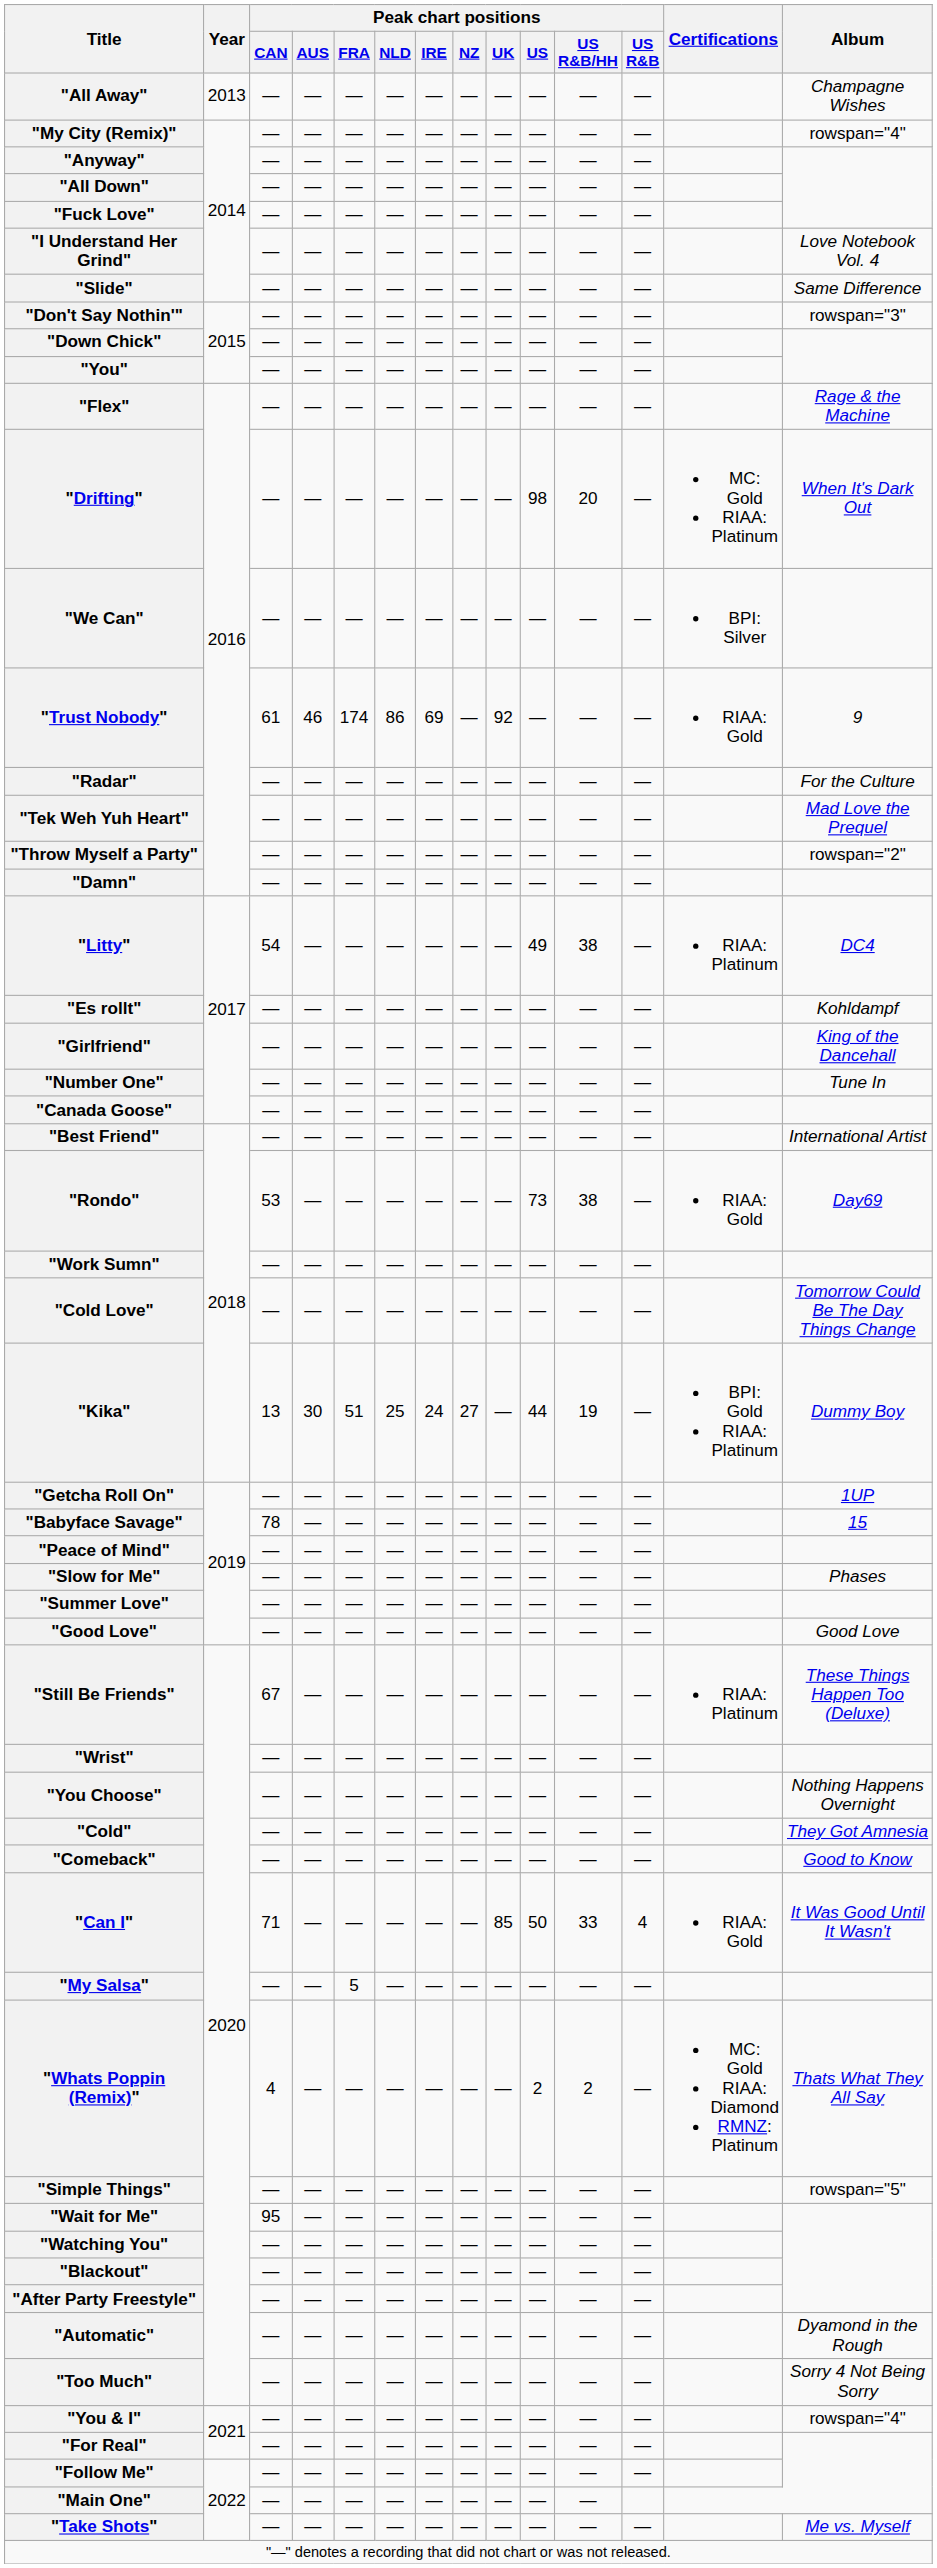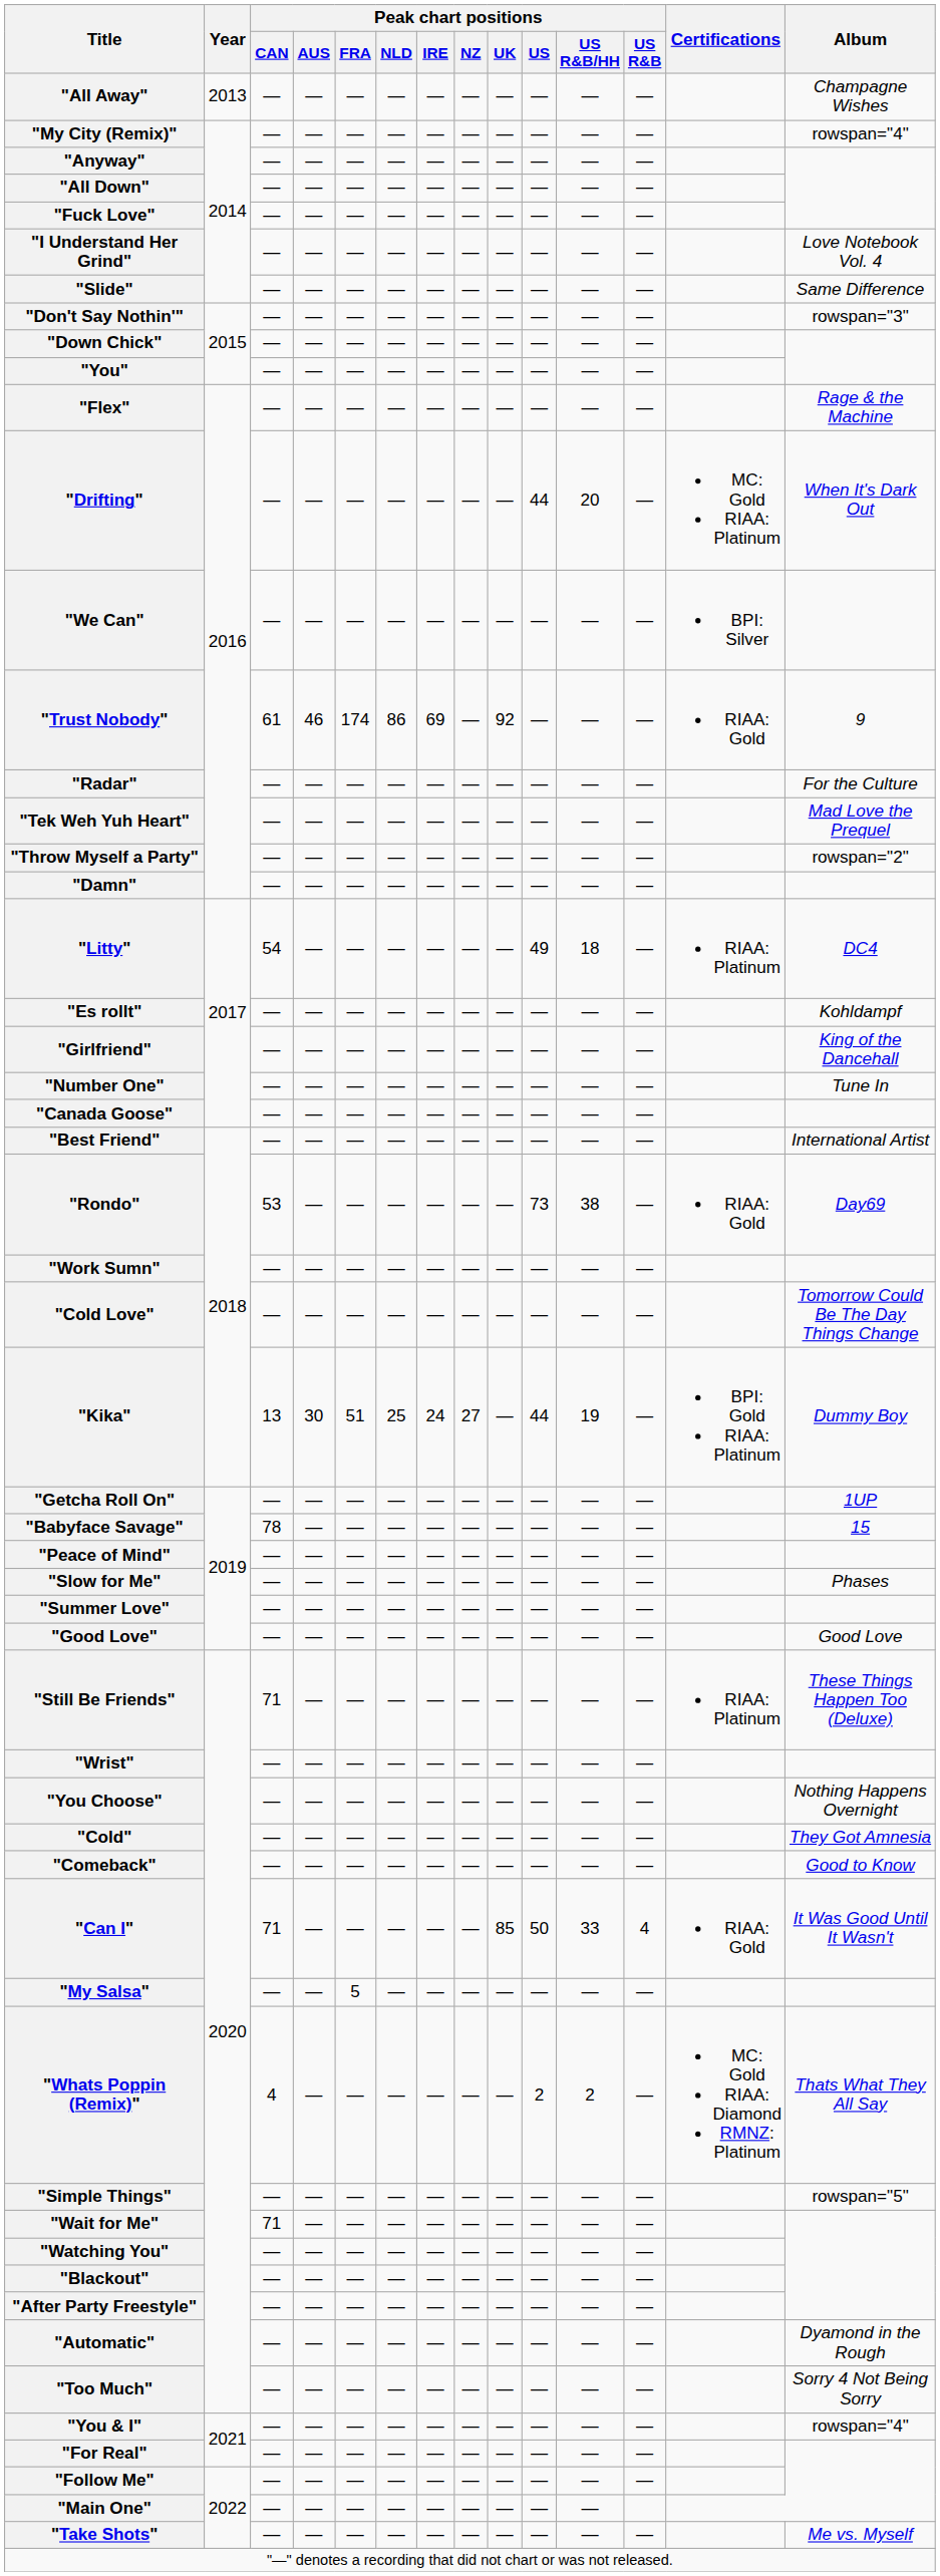 <table class="wikitable plainrowheaders" style="text-align:center;">
 <tr>
 <th scope="col" rowspan="2" style="width:22.5em;">Title</th>
 <th scope="col" rowspan="2">Year</th>
 <th scope="col" colspan="10">Peak chart positions</th>
 <th scope="col" rowspan="2"><a href='#'>Certifications</a></th>
 <th scope="col" rowspan="2" style="width:14em;">Album</th>
 </tr>
 <tr>
 <th scope="col" style="width:2.5em;font-size:90%;"><a href='#'>CAN</a><br></th>
 <th scope="col" style="width:2.5em;font-size:90%;"><a href='#'>AUS</a><br></th>
 <th scope="col" style="width:2.5em;font-size:90%;"><a href='#'>FRA</a><br></th>
 <th scope="col" style="width:2.5em;font-size:90%;"><a href='#'>NLD</a><br></th>
 <th scope="col" style="width:2.5em;font-size:90%;"><a href='#'>IRE</a><br></th>
 <th scope="col" style="width:2.5em;font-size:90%;"><a href='#'>NZ</a><br></th>
 <th scope="col" style="width:2.5em;font-size:90%;"><a href='#'>UK</a><br></th>
 <th scope="col" style="width:2.5em;font-size:90%;"><a href='#'>US</a><br></th>
 <th scope="col" style="width:2.5em;font-size:90%;"><a href='#'>US<br>R&B/HH</a><br></th>
 <th scope="col" style="width:2.5em;font-size:90%;"><a href='#'>US R&B</a><br></th>
 </tr>
 <tr>
 <th scope="row">"All Away"<br></th>
 <td>2013</td>
 <td>—</td>
 <td>—</td>
 <td>—</td>
 <td>—</td>
 <td>—</td>
 <td>—</td>
 <td>—</td>
 <td>—</td>
 <td>—</td>
 <td>—</td>
 <td></td>
 <td><em>Champagne Wishes</em></td>
 </tr>
 <tr>
 <th scope="row">"My City (Remix)"<br></th>
 <td rowspan="6">2014</td>
 <td>—</td>
 <td>—</td>
 <td>—</td>
 <td>—</td>
 <td>—</td>
 <td>—</td>
 <td>—</td>
 <td>—</td>
 <td>—</td>
 <td>—</td>
 <td></td>
 <td>rowspan="4" </td>
 </tr>
 <tr>
 <th scope="row">"Anyway"<br></th>
 <td>—</td>
 <td>—</td>
 <td>—</td>
 <td>—</td>
 <td>—</td>
 <td>—</td>
 <td>—</td>
 <td>—</td>
 <td>—</td>
 <td>—</td>
 <td></td>
 </tr>
 <tr>
 <th scope="row">"All Down"<br></th>
 <td>—</td>
 <td>—</td>
 <td>—</td>
 <td>—</td>
 <td>—</td>
 <td>—</td>
 <td>—</td>
 <td>—</td>
 <td>—</td>
 <td>—</td>
 <td></td>
 </tr>
 <tr>
 <th scope="row">"Fuck Love"<br></th>
 <td>—</td>
 <td>—</td>
 <td>—</td>
 <td>—</td>
 <td>—</td>
 <td>—</td>
 <td>—</td>
 <td>—</td>
 <td>—</td>
 <td>—</td>
 <td></td>
 </tr>
 <tr>
 <th scope="row">"I Understand Her Grind"<br></th>
 <td>—</td>
 <td>—</td>
 <td>—</td>
 <td>—</td>
 <td>—</td>
 <td>—</td>
 <td>—</td>
 <td>—</td>
 <td>—</td>
 <td>—</td>
 <td></td>
 <td><em>Love Notebook Vol. 4</em></td>
 </tr>
 <tr>
 <th scope="row">"Slide"<br></th>
 <td>—</td>
 <td>—</td>
 <td>—</td>
 <td>—</td>
 <td>—</td>
 <td>—</td>
 <td>—</td>
 <td>—</td>
 <td>—</td>
 <td>—</td>
 <td></td>
 <td><em>Same Difference</em></td>
 </tr>
 <tr>
 <th scope="row">"Don't Say Nothin'"<br></th>
 <td rowspan="3">2015</td>
 <td>—</td>
 <td>—</td>
 <td>—</td>
 <td>—</td>
 <td>—</td>
 <td>—</td>
 <td>—</td>
 <td>—</td>
 <td>—</td>
 <td>—</td>
 <td></td>
 <td>rowspan="3" </td>
 </tr>
 <tr>
 <th scope="row">"Down Chick"<br></th>
 <td>—</td>
 <td>—</td>
 <td>—</td>
 <td>—</td>
 <td>—</td>
 <td>—</td>
 <td>—</td>
 <td>—</td>
 <td>—</td>
 <td>—</td>
 <td></td>
 </tr>
 <tr>
 <th scope="row">"You"<br></th>
 <td>—</td>
 <td>—</td>
 <td>—</td>
 <td>—</td>
 <td>—</td>
 <td>—</td>
 <td>—</td>
 <td>—</td>
 <td>—</td>
 <td>—</td>
 <td></td>
 </tr>
 <tr>
 <th scope="row">"Flex"<br></th>
 <td rowspan="8">2016</td>
 <td>—</td>
 <td>—</td>
 <td>—</td>
 <td>—</td>
 <td>—</td>
 <td>—</td>
 <td>—</td>
 <td>—</td>
 <td>—</td>
 <td>—</td>
 <td></td>
 <td><em><a href='#'>Rage & the Machine</a></em></td>
 </tr>
 <tr>
 <th scope="row">"<a href='#'>Drifting</a>"<br></th>
 <td>—</td>
 <td>—</td>
 <td>—</td>
 <td>—</td>
 <td>—</td>
 <td>—</td>
 <td>—</td>
-<td>98</td>
+<td>44</td>
 <td>20</td>
 <td>—</td>
 <td><br><ul><li>MC: Gold</li><li>RIAA: Platinum</li></ul></td>
 <td><em><a href='#'>When It's Dark Out</a></em></td>
 </tr>
 <tr>
 <th scope="row">"We Can"<br></th>
 <td>—</td>
 <td>—</td>
 <td>—</td>
 <td>—</td>
 <td>—</td>
 <td>—</td>
 <td>—</td>
 <td>—</td>
 <td>—</td>
 <td>—</td>
 <td><br><ul><li>BPI: Silver</li></ul></td>
 <td></td>
 </tr>
 <tr>
 <th scope="row">"<a href='#'>Trust Nobody</a>"<br></th>
 <td>61</td>
 <td>46</td>
 <td>174</td>
 <td>86</td>
 <td>69</td>
 <td>—</td>
 <td>92</td>
 <td>—</td>
 <td>—</td>
 <td>—</td>
 <td><br><ul><li>RIAA: Gold</li></ul></td>
 <td><em>9</em></td>
 </tr>
 <tr>
 <th scope="row">"Radar"<br></th>
 <td>—</td>
 <td>—</td>
 <td>—</td>
 <td>—</td>
 <td>—</td>
 <td>—</td>
 <td>—</td>
 <td>—</td>
 <td>—</td>
 <td>—</td>
 <td></td>
 <td><em>For the Culture</em></td>
 </tr>
 <tr>
 <th scope="row">"Tek Weh Yuh Heart"<br></th>
 <td>—</td>
 <td>—</td>
 <td>—</td>
 <td>—</td>
 <td>—</td>
 <td>—</td>
 <td>—</td>
 <td>—</td>
 <td>—</td>
 <td>—</td>
 <td></td>
 <td><em><a href='#'>Mad Love the Prequel</a></em></td>
 </tr>
 <tr>
 <th scope="row">"Throw Myself a Party"<br></th>
 <td>—</td>
 <td>—</td>
 <td>—</td>
 <td>—</td>
 <td>—</td>
 <td>—</td>
 <td>—</td>
 <td>—</td>
 <td>—</td>
 <td>—</td>
 <td></td>
 <td>rowspan="2" </td>
 </tr>
 <tr>
 <th scope="row">"Damn"<br></th>
 <td>—</td>
 <td>—</td>
 <td>—</td>
 <td>—</td>
 <td>—</td>
 <td>—</td>
 <td>—</td>
 <td>—</td>
 <td>—</td>
 <td>—</td>
 <td></td>
 </tr>
 <tr>
 <th scope="row">"<a href='#'>Litty</a>"<br></th>
 <td rowspan="5">2017</td>
 <td>54</td>
 <td>—</td>
 <td>—</td>
 <td>—</td>
 <td>—</td>
 <td>—</td>
 <td>—</td>
 <td>49</td>
-<td>38</td>
+<td>18</td>
 <td>—</td>
 <td><br><ul><li>RIAA: Platinum</li></ul></td>
 <td><em><a href='#'>DC4</a></em></td>
 </tr>
 <tr>
 <th scope="row">"Es rollt"<br></th>
 <td>—</td>
 <td>—</td>
 <td>—</td>
 <td>—</td>
 <td>—</td>
 <td>—</td>
 <td>—</td>
 <td>—</td>
 <td>—</td>
 <td>—</td>
 <td></td>
 <td><em>Kohldampf</em></td>
 </tr>
 <tr>
 <th scope="row">"Girlfriend"<br></th>
 <td>—</td>
 <td>—</td>
 <td>—</td>
 <td>—</td>
 <td>—</td>
 <td>—</td>
 <td>—</td>
 <td>—</td>
 <td>—</td>
 <td>—</td>
 <td></td>
 <td><em><a href='#'>King of the Dancehall</a></em></td>
 </tr>
 <tr>
 <th scope="row">"Number One"<br></th>
 <td>—</td>
 <td>—</td>
 <td>—</td>
 <td>—</td>
 <td>—</td>
 <td>—</td>
 <td>—</td>
 <td>—</td>
 <td>—</td>
 <td>—</td>
 <td></td>
 <td><em>Tune In</em></td>
 </tr>
 <tr>
 <th scope="row">"Canada Goose"<br></th>
 <td>—</td>
 <td>—</td>
 <td>—</td>
 <td>—</td>
 <td>—</td>
 <td>—</td>
 <td>—</td>
 <td>—</td>
 <td>—</td>
 <td>—</td>
 <td></td>
 <td></td>
 </tr>
 <tr>
 <th scope="row">"Best Friend"<br></th>
 <td rowspan="5">2018</td>
 <td>—</td>
 <td>—</td>
 <td>—</td>
 <td>—</td>
 <td>—</td>
 <td>—</td>
 <td>—</td>
 <td>—</td>
 <td>—</td>
 <td>—</td>
 <td></td>
 <td><em>International Artist</em></td>
 </tr>
 <tr>
 <th scope="row">"Rondo"<br></th>
 <td>53</td>
 <td>—</td>
 <td>—</td>
 <td>—</td>
 <td>—</td>
 <td>—</td>
 <td>—</td>
 <td>73</td>
 <td>38</td>
 <td>—</td>
 <td><br><ul><li>RIAA: Gold</li></ul></td>
 <td><em><a href='#'>Day69</a></em></td>
 </tr>
 <tr>
 <th scope="row">"Work Sumn"<br></th>
 <td>—</td>
 <td>—</td>
 <td>—</td>
 <td>—</td>
 <td>—</td>
 <td>—</td>
 <td>—</td>
 <td>—</td>
 <td>—</td>
 <td>—</td>
 <td></td>
 <td></td>
 </tr>
 <tr>
 <th scope="row">"Cold Love"<br></th>
 <td>—</td>
 <td>—</td>
 <td>—</td>
 <td>—</td>
 <td>—</td>
 <td>—</td>
 <td>—</td>
 <td>—</td>
 <td>—</td>
 <td>—</td>
 <td></td>
 <td><em><a href='#'>Tomorrow Could Be The Day Things Change</a></em></td>
 </tr>
 <tr>
 <th scope="row">"Kika"<br></th>
 <td>13</td>
 <td>30</td>
 <td>51</td>
 <td>25</td>
 <td>24</td>
 <td>27</td>
 <td>—</td>
 <td>44</td>
 <td>19</td>
 <td>—</td>
 <td><br><ul><li>BPI: Gold</li><li>RIAA: Platinum</li></ul></td>
 <td><em><a href='#'>Dummy Boy</a></em></td>
 </tr>
 <tr>
 <th scope="row">"Getcha Roll On"<br></th>
 <td rowspan="6">2019</td>
 <td>—</td>
 <td>—</td>
 <td>—</td>
 <td>—</td>
 <td>—</td>
 <td>—</td>
 <td>—</td>
 <td>—</td>
 <td>—</td>
 <td>—</td>
 <td></td>
 <td><em><a href='#'>1UP</a></em></td>
 </tr>
 <tr>
 <th scope="row">"Babyface Savage"<br></th>
 <td>78</td>
 <td>—</td>
 <td>—</td>
 <td>—</td>
 <td>—</td>
 <td>—</td>
 <td>—</td>
 <td>—</td>
 <td>—</td>
 <td>—</td>
 <td></td>
 <td><em><a href='#'>15</a></em></td>
 </tr>
 <tr>
 <th scope="row">"Peace of Mind"<br></th>
 <td>—</td>
 <td>—</td>
 <td>—</td>
 <td>—</td>
 <td>—</td>
 <td>—</td>
 <td>—</td>
 <td>—</td>
 <td>—</td>
 <td>—</td>
 <td></td>
 <td></td>
 </tr>
 <tr>
 <th scope="row">"Slow for Me"<br></th>
 <td>—</td>
 <td>—</td>
 <td>—</td>
 <td>—</td>
 <td>—</td>
 <td>—</td>
 <td>—</td>
 <td>—</td>
 <td>—</td>
 <td>—</td>
 <td></td>
 <td><em>Phases</em></td>
 </tr>
 <tr>
 <th scope="row">"Summer Love"<br></th>
 <td>—</td>
 <td>—</td>
 <td>—</td>
 <td>—</td>
 <td>—</td>
 <td>—</td>
 <td>—</td>
 <td>—</td>
 <td>—</td>
 <td>—</td>
 <td></td>
 <td></td>
 </tr>
 <tr>
 <th scope="row">"Good Love"<br></th>
 <td>—</td>
 <td>—</td>
 <td>—</td>
 <td>—</td>
 <td>—</td>
 <td>—</td>
 <td>—</td>
 <td>—</td>
 <td>—</td>
 <td>—</td>
 <td></td>
 <td><em>Good Love</em></td>
 </tr>
 <tr>
 <th scope="row">"Still Be Friends"<br></th>
 <td rowspan="15">2020</td>
-<td>67</td>
+<td>71</td>
 <td>—</td>
 <td>—</td>
 <td>—</td>
 <td>—</td>
 <td>—</td>
 <td>—</td>
 <td>—</td>
 <td>—</td>
 <td>—</td>
 <td><br><ul><li>RIAA: Platinum</li></ul></td>
 <td><em><a href='#'>These Things Happen Too (Deluxe)</a></em></td>
 </tr>
 <tr>
 <th scope="row">"Wrist"<br></th>
 <td>—</td>
 <td>—</td>
 <td>—</td>
 <td>—</td>
 <td>—</td>
 <td>—</td>
 <td>—</td>
 <td>—</td>
 <td>—</td>
 <td>—</td>
 <td></td>
 <td></td>
 </tr>
 <tr>
 <th scope="row">"You Choose"<br></th>
 <td>—</td>
 <td>—</td>
 <td>—</td>
 <td>—</td>
 <td>—</td>
 <td>—</td>
 <td>—</td>
 <td>—</td>
 <td>—</td>
 <td>—</td>
 <td></td>
 <td><em>Nothing Happens Overnight</em></td>
 </tr>
 <tr>
 <th scope="row">"Cold"<br></th>
 <td>—</td>
 <td>—</td>
 <td>—</td>
 <td>—</td>
 <td>—</td>
 <td>—</td>
 <td>—</td>
 <td>—</td>
 <td>—</td>
 <td>—</td>
 <td></td>
 <td><em><a href='#'>They Got Amnesia</a></em></td>
 </tr>
 <tr>
 <th scope="row">"Comeback"<br></th>
 <td>—</td>
 <td>—</td>
 <td>—</td>
 <td>—</td>
 <td>—</td>
 <td>—</td>
 <td>—</td>
 <td>—</td>
 <td>—</td>
 <td>—</td>
 <td></td>
 <td><em><a href='#'>Good to Know</a></em></td>
 </tr>
 <tr>
 <th scope="row">"<a href='#'>Can I</a>"<br></th>
 <td>71</td>
 <td>—</td>
 <td>—</td>
 <td>—</td>
 <td>—</td>
 <td>—</td>
 <td>85</td>
 <td>50</td>
 <td>33</td>
 <td>4</td>
 <td><br><ul><li>RIAA: Gold</li></ul></td>
 <td><em><a href='#'>It Was Good Until It Wasn't</a></em></td>
 </tr>
 <tr>
 <th scope="row">"<a href='#'>My Salsa</a>"<br></th>
 <td>—</td>
 <td>—</td>
 <td>5</td>
 <td>—</td>
 <td>—</td>
 <td>—</td>
 <td>—</td>
 <td>—</td>
 <td>—</td>
 <td>—</td>
 <td></td>
 <td></td>
 </tr>
 <tr>
 <th scope="row">"<a href='#'>Whats Poppin (Remix)</a>"<br></th>
 <td>4</td>
 <td>—</td>
 <td>—</td>
 <td>—</td>
 <td>—</td>
 <td>—</td>
 <td>—</td>
 <td>2</td>
 <td>2</td>
 <td>—</td>
 <td><br><ul><li>MC: Gold </li><li>RIAA: Diamond</li><li><a href='#'>RMNZ</a>: Platinum</li></ul></td>
 <td><em><a href='#'>Thats What They All Say</a></em></td>
 </tr>
 <tr>
 <th scope="row">"Simple Things"<br></th>
 <td>—</td>
 <td>—</td>
 <td>—</td>
 <td>—</td>
 <td>—</td>
 <td>—</td>
 <td>—</td>
 <td>—</td>
 <td>—</td>
 <td>—</td>
 <td></td>
 <td>rowspan="5" </td>
 </tr>
 <tr>
 <th scope="row">"Wait for Me"<br></th>
-<td>95</td>
+<td>71</td>
 <td>—</td>
 <td>—</td>
 <td>—</td>
 <td>—</td>
 <td>—</td>
 <td>—</td>
 <td>—</td>
 <td>—</td>
 <td>—</td>
 <td></td>
 </tr>
 <tr>
 <th scope="row">"Watching You"<br></th>
 <td>—</td>
 <td>—</td>
 <td>—</td>
 <td>—</td>
 <td>—</td>
 <td>—</td>
 <td>—</td>
 <td>—</td>
 <td>—</td>
 <td>—</td>
 <td></td>
 </tr>
 <tr>
 <th scope="row">"Blackout"<br></th>
 <td>—</td>
 <td>—</td>
 <td>—</td>
 <td>—</td>
 <td>—</td>
 <td>—</td>
 <td>—</td>
 <td>—</td>
 <td>—</td>
 <td>—</td>
 <td></td>
 </tr>
 <tr>
 <th scope="row">"After Party Freestyle"<br></th>
 <td>—</td>
 <td>—</td>
 <td>—</td>
 <td>—</td>
 <td>—</td>
 <td>—</td>
 <td>—</td>
 <td>—</td>
 <td>—</td>
 <td>—</td>
 <td></td>
 </tr>
 <tr>
 <th scope="row">"Automatic"<br></th>
 <td>—</td>
 <td>—</td>
 <td>—</td>
 <td>—</td>
 <td>—</td>
 <td>—</td>
 <td>—</td>
 <td>—</td>
 <td>—</td>
 <td>—</td>
 <td></td>
 <td><em>Dyamond in the Rough</em></td>
 </tr>
 <tr>
 <th scope="row">"Too Much"<br></th>
 <td>—</td>
 <td>—</td>
 <td>—</td>
 <td>—</td>
 <td>—</td>
 <td>—</td>
 <td>—</td>
 <td>—</td>
 <td>—</td>
 <td>—</td>
 <td></td>
 <td><em>Sorry 4 Not Being Sorry</em></td>
 </tr>
 <tr>
 <th scope="row">"You & I"<br></th>
 <td rowspan="2">2021</td>
 <td>—</td>
 <td>—</td>
 <td>—</td>
 <td>—</td>
 <td>—</td>
 <td>—</td>
 <td>—</td>
 <td>—</td>
 <td>—</td>
 <td>—</td>
 <td></td>
 <td>rowspan="4" </td>
 </tr>
 <tr>
 <th scope="row">"For Real"<br></th>
 <td>—</td>
 <td>—</td>
 <td>—</td>
 <td>—</td>
 <td>—</td>
 <td>—</td>
 <td>—</td>
 <td>—</td>
 <td>—</td>
 <td>—</td>
 <td></td>
 </tr>
 <tr>
 <th scope="row">"Follow Me"<br></th>
 <td rowspan="3">2022</td>
 <td>—</td>
 <td>—</td>
 <td>—</td>
 <td>—</td>
 <td>—</td>
 <td>—</td>
 <td>—</td>
 <td>—</td>
 <td>—</td>
 <td>—</td>
 <td></td>
 </tr>
 <tr>
 <th scope="row">"Main One"<br></th>
 <td>—</td>
 <td>—</td>
 <td>—</td>
 <td>—</td>
 <td>—</td>
 <td>—</td>
 <td>—</td>
 <td>—</td>
 <td>—</td>
 <td></td>
 </tr>
 <tr>
 <th scope="row">"<a href='#'>Take Shots</a>"<br></th>
 <td>—</td>
 <td>—</td>
 <td>—</td>
 <td>—</td>
 <td>—</td>
 <td>—</td>
 <td>—</td>
 <td>—</td>
 <td>—</td>
 <td>—</td>
 <td></td>
 <td><em><a href='#'>Me vs. Myself</a></em></td>
 </tr>
 <tr>
 <td colspan="16" style="font-size:85%">"—" denotes a recording that did not chart or was not released.</td>
 </tr>
 </table>
